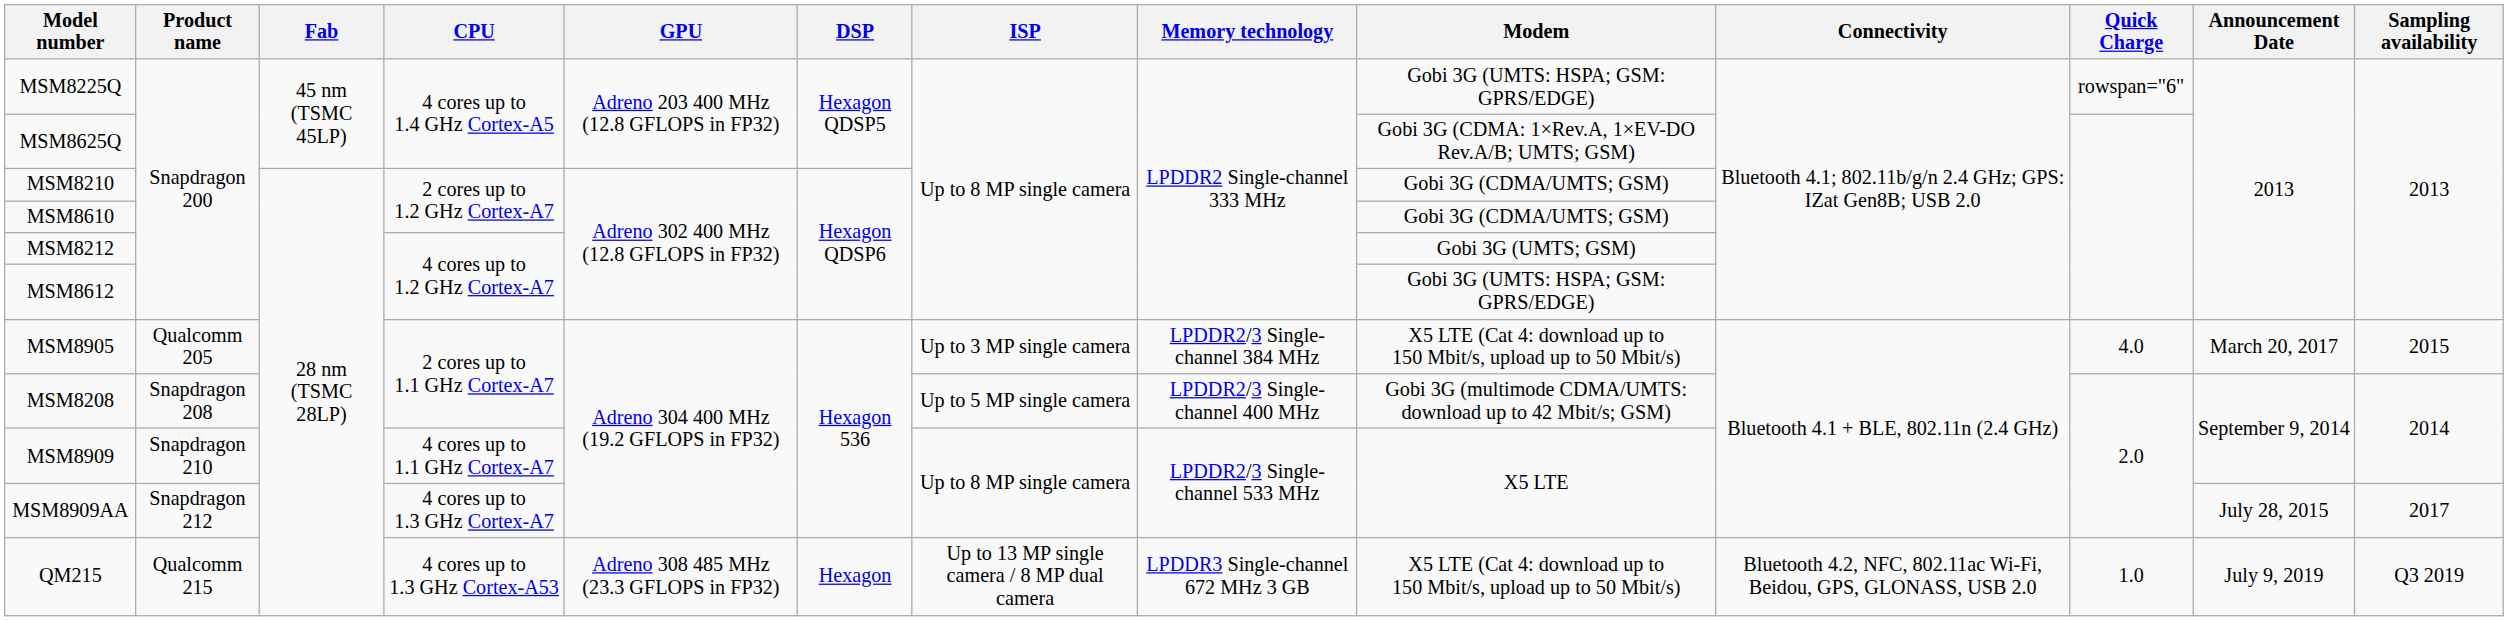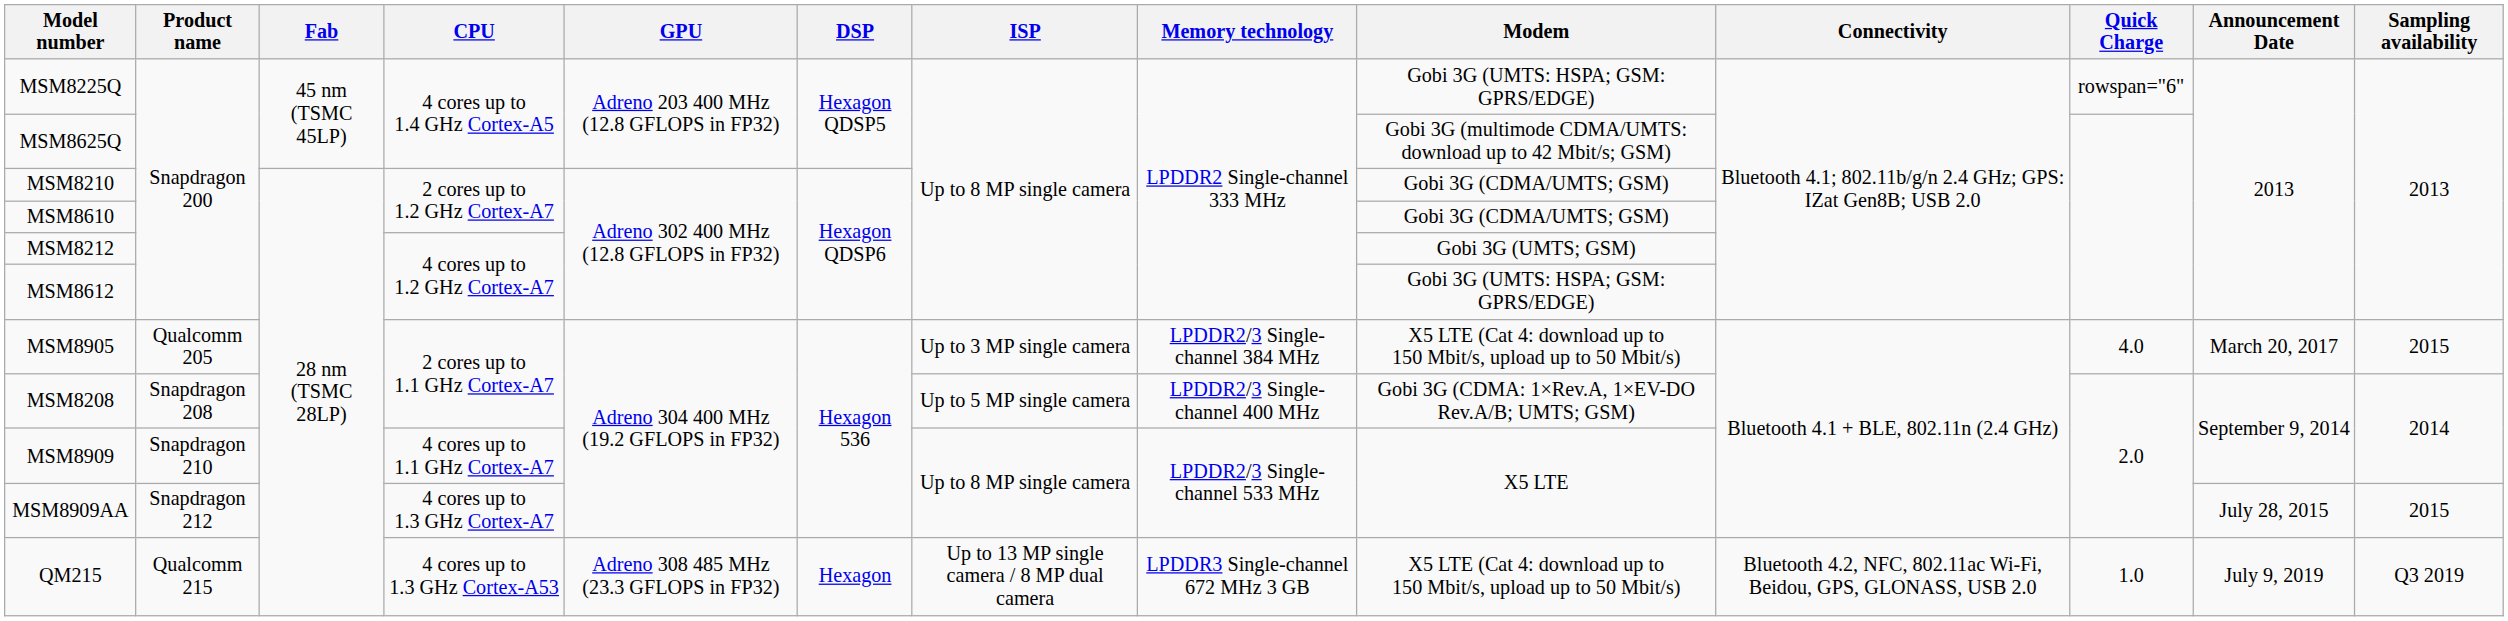 <table class="wikitable sticky-header" style="width:100%; text-align:center">
 <tr>
 <th>Model number</th>
 <th>Product name</th>
 <th><a href='#'>Fab</a></th>
 <th><a href='#'>CPU</a></th>
 <th><a href='#'>GPU</a></th>
 <th><a href='#'>DSP</a></th>
 <th><a href='#'>ISP</a></th>
 <th><a href='#'>Memory technology</a></th>
 <th>Modem</th>
 <th>Connectivity</th>
 <th><a href='#'>Quick Charge</a></th>
 <th>Announcement Date</th>
 <th>Sampling availability</th>
 </tr>
 <tr>
 <td>MSM8225Q</td>
 <td rowspan="6">Snapdragon 200</td>
 <td rowspan="2">45 nm (TSMC 45LP)</td>
 <td rowspan="2">4 cores up to 1.4 GHz <a href='#'>Cortex-A5</a></td>
 <td rowspan="2"><a href='#'>Adreno</a> 203 400 MHz (12.8 GFLOPS in FP32)</td>
 <td rowspan="2"><a href='#'>Hexagon</a> QDSP5</td>
 <td rowspan="6">Up to 8 MP single camera</td>
 <td rowspan="6"><a href='#'>LPDDR2</a> Single-channel 333 MHz</td>
 <td>Gobi 3G (UMTS: HSPA; GSM: GPRS/EDGE)</td>
 <td rowspan="6">Bluetooth 4.1; 802.11b/g/n 2.4 GHz; GPS: IZat Gen8B; USB 2.0</td>
 <td>rowspan="6" </td>
 <td rowspan="6">2013</td>
 <td rowspan="6">2013</td>
 </tr>
 <tr>
 <td>MSM8625Q</td>
-<td>Gobi 3G (CDMA: 1×Rev.A, 1×EV-DO Rev.A/B; UMTS; GSM)</td>
+<td>Gobi 3G (multimode CDMA/UMTS: download up to 42 Mbit/s; GSM)</td>
 </tr>
 <tr>
 <td>MSM8210</td>
 <td rowspan="9">28 nm (TSMC 28LP)</td>
 <td rowspan="2">2 cores up to 1.2 GHz <a href='#'>Cortex-A7</a></td>
 <td rowspan="4"><a href='#'>Adreno</a> 302 400 MHz (12.8 GFLOPS in FP32)</td>
 <td rowspan="4"><a href='#'>Hexagon</a> QDSP6</td>
 <td>Gobi 3G (CDMA/UMTS; GSM)</td>
 </tr>
 <tr>
 <td>MSM8610</td>
 <td>Gobi 3G (CDMA/UMTS; GSM)</td>
 </tr>
 <tr>
 <td>MSM8212</td>
 <td rowspan="2">4 cores up to 1.2 GHz <a href='#'>Cortex-A7</a></td>
 <td>Gobi 3G (UMTS; GSM)</td>
 </tr>
 <tr>
 <td>MSM8612</td>
 <td>Gobi 3G (UMTS: HSPA; GSM: GPRS/EDGE)</td>
 </tr>
 <tr>
 <td>MSM8905</td>
 <td>Qualcomm 205</td>
 <td rowspan="2">2 cores up to 1.1 GHz <a href='#'>Cortex-A7</a></td>
 <td rowspan="4"><a href='#'>Adreno</a> 304 400 MHz (19.2 GFLOPS in FP32)</td>
 <td rowspan="4"><a href='#'>Hexagon</a> 536</td>
 <td>Up to 3 MP single camera</td>
 <td><a href='#'>LPDDR2</a>/<a href='#'>3</a> Single-channel 384 MHz</td>
 <td>X5 LTE (Cat 4: download up to 150 Mbit/s, upload up to 50 Mbit/s)</td>
 <td rowspan="4">Bluetooth 4.1 + BLE, 802.11n (2.4 GHz)</td>
 <td>4.0</td>
 <td>March 20, 2017</td>
 <td>2015</td>
 </tr>
 <tr>
 <td>MSM8208</td>
 <td>Snapdragon 208</td>
 <td>Up to 5 MP single camera</td>
 <td><a href='#'>LPDDR2</a>/<a href='#'>3</a> Single-channel 400 MHz</td>
-<td>Gobi 3G (multimode CDMA/UMTS: download up to 42 Mbit/s; GSM)</td>
+<td>Gobi 3G (CDMA: 1×Rev.A, 1×EV-DO Rev.A/B; UMTS; GSM)</td>
 <td rowspan="3">2.0</td>
 <td rowspan="2">September 9, 2014</td>
 <td rowspan="2">2014</td>
 </tr>
 <tr>
 <td>MSM8909</td>
 <td>Snapdragon 210</td>
 <td>4 cores up to 1.1 GHz <a href='#'>Cortex-A7</a></td>
 <td rowspan="2">Up to 8 MP single camera</td>
 <td rowspan="2"><a href='#'>LPDDR2</a>/<a href='#'>3</a> Single-channel 533 MHz</td>
 <td rowspan="2">X5 LTE</td>
 </tr>
 <tr>
 <td>MSM8909AA</td>
 <td>Snapdragon 212</td>
 <td>4 cores up to 1.3 GHz <a href='#'>Cortex-A7</a></td>
 <td>July 28, 2015</td>
-<td>2017</td>
+<td>2015</td>
 </tr>
 <tr>
 <td>QM215</td>
 <td>Qualcomm 215</td>
 <td>4 cores up to 1.3 GHz <a href='#'>Cortex-A53</a></td>
 <td><a href='#'>Adreno</a> 308 485 MHz (23.3 GFLOPS in FP32)</td>
 <td><a href='#'>Hexagon</a></td>
 <td>Up to 13 MP single camera / 8 MP dual camera</td>
 <td><a href='#'>LPDDR3</a> Single-channel 672 MHz 3 GB</td>
 <td>X5 LTE (Cat 4: download up to 150 Mbit/s, upload up to 50 Mbit/s)</td>
 <td>Bluetooth 4.2, NFC, 802.11ac Wi-Fi, Beidou, GPS, GLONASS, USB 2.0</td>
 <td>1.0</td>
 <td>July 9, 2019</td>
 <td>Q3 2019</td>
 </tr>
 </table>
